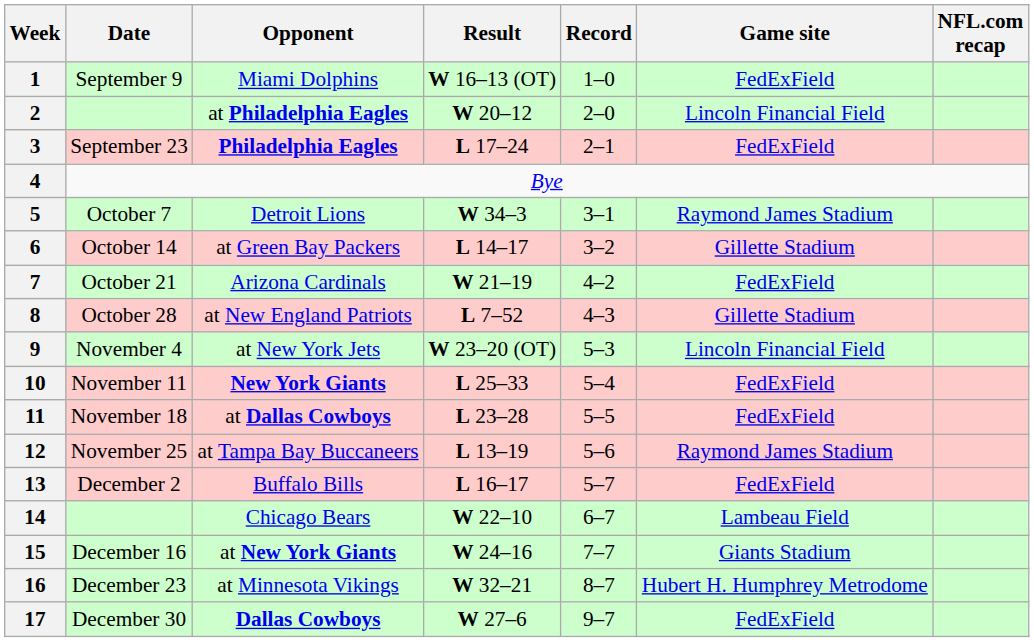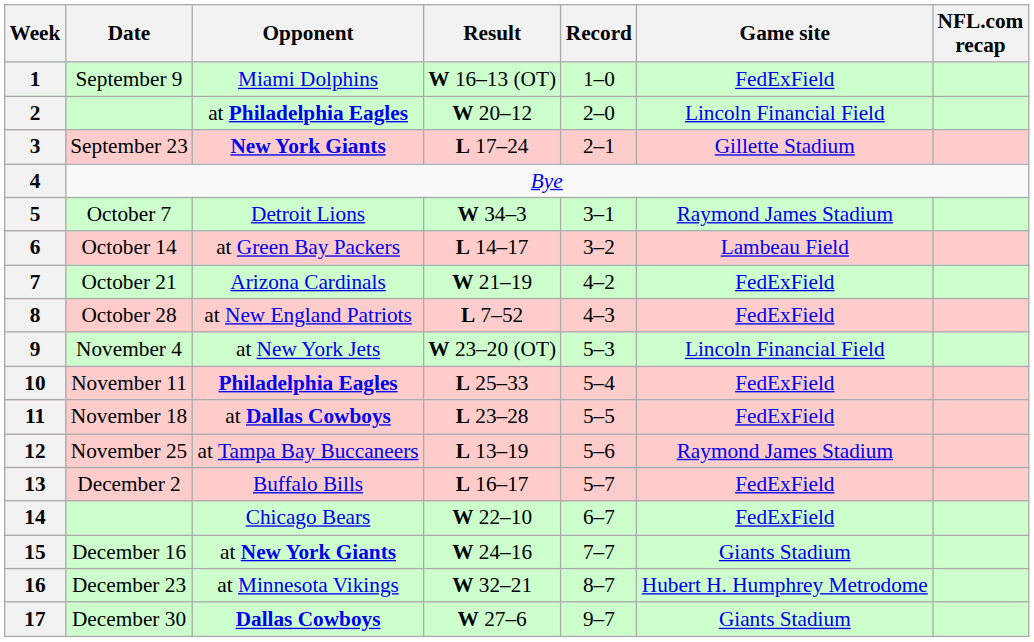 <table class="wikitable" style="text-align:center">
 <tr>
 <th>Week</th>
 <th>Date</th>
 <th>Opponent</th>
 <th>Result</th>
 <th>Record</th>
 <th>Game site</th>
 <th>NFL.com<br>recap</th>
 </tr>
 <tr style="background:#cfc;">
 <th>1</th>
 <td>September 9</td>
 <td><a href='#'>Miami Dolphins</a></td>
 <td><strong>W</strong> 16–13 (OT)</td>
 <td>1–0</td>
 <td><a href='#'>FedExField</a></td>
 <td></td>
 </tr>
 <tr style="background:#cfc;">
 <th>2</th>
 <td></td>
 <td>at <strong><a href='#'>Philadelphia Eagles</a></strong></td>
 <td><strong>W</strong> 20–12</td>
 <td>2–0</td>
 <td><a href='#'>Lincoln Financial Field</a></td>
 <td></td>
 </tr>
 <tr style="background:#fcc;">
 <th>3</th>
 <td>September 23</td>
-<td><strong><a href='#'>Philadelphia Eagles</a></strong></td>
+<td><strong><a href='#'>New York Giants</a></strong></td>
 <td><strong>L</strong> 17–24</td>
 <td>2–1</td>
-<td><a href='#'>FedExField</a></td>
+<td><a href='#'>Gillette Stadium</a></td>
 <td></td>
 </tr>
 <tr>
 <th>4</th>
 <td style="text-align:center;" colspan="6"><em><a href='#'>Bye</a></em></td>
 </tr>
 <tr style="background:#cfc;">
 <th>5</th>
 <td>October 7</td>
 <td><a href='#'>Detroit Lions</a></td>
 <td><strong>W</strong> 34–3</td>
 <td>3–1</td>
 <td><a href='#'>Raymond James Stadium</a></td>
 <td></td>
 </tr>
 <tr style="background:#fcc;">
 <th>6</th>
 <td>October 14</td>
 <td>at <a href='#'>Green Bay Packers</a></td>
 <td><strong>L</strong> 14–17</td>
 <td>3–2</td>
-<td><a href='#'>Gillette Stadium</a></td>
+<td><a href='#'>Lambeau Field</a></td>
 <td></td>
 </tr>
 <tr style="background:#cfc;">
 <th>7</th>
 <td>October 21</td>
 <td><a href='#'>Arizona Cardinals</a></td>
 <td><strong>W</strong> 21–19</td>
 <td>4–2</td>
 <td><a href='#'>FedExField</a></td>
 <td></td>
 </tr>
 <tr style="background:#fcc;">
 <th>8</th>
 <td>October 28</td>
 <td>at <a href='#'>New England Patriots</a></td>
 <td><strong>L</strong> 7–52</td>
 <td>4–3</td>
-<td><a href='#'>Gillette Stadium</a></td>
+<td><a href='#'>FedExField</a></td>
 <td></td>
 </tr>
 <tr style="background:#cfc;">
 <th>9</th>
 <td>November 4</td>
 <td>at <a href='#'>New York Jets</a></td>
 <td><strong>W</strong> 23–20 (OT)</td>
 <td>5–3</td>
 <td><a href='#'>Lincoln Financial Field</a></td>
 <td></td>
 </tr>
 <tr style="background:#fcc;">
 <th>10</th>
 <td>November 11</td>
-<td><strong><a href='#'>New York Giants</a></strong></td>
+<td><strong><a href='#'>Philadelphia Eagles</a></strong></td>
 <td><strong>L</strong> 25–33</td>
 <td>5–4</td>
 <td><a href='#'>FedExField</a></td>
 <td></td>
 </tr>
 <tr style="background:#fcc;">
 <th>11</th>
 <td>November 18</td>
 <td>at <strong><a href='#'>Dallas Cowboys</a></strong></td>
 <td><strong>L</strong> 23–28</td>
 <td>5–5</td>
 <td><a href='#'>FedExField</a></td>
 <td></td>
 </tr>
 <tr style="background:#fcc;">
 <th>12</th>
 <td>November 25</td>
 <td>at <a href='#'>Tampa Bay Buccaneers</a></td>
 <td><strong>L</strong> 13–19</td>
 <td>5–6</td>
 <td><a href='#'>Raymond James Stadium</a></td>
 <td></td>
 </tr>
 <tr style="background:#fcc;">
 <th>13</th>
 <td>December 2</td>
 <td><a href='#'>Buffalo Bills</a></td>
 <td><strong>L</strong> 16–17</td>
 <td>5–7</td>
 <td><a href='#'>FedExField</a></td>
 <td></td>
 </tr>
 <tr style="background:#cfc;">
 <th>14</th>
 <td></td>
 <td><a href='#'>Chicago Bears</a></td>
 <td><strong>W</strong> 22–10</td>
 <td>6–7</td>
-<td><a href='#'>Lambeau Field</a></td>
+<td><a href='#'>FedExField</a></td>
 <td></td>
 </tr>
 <tr style="background:#cfc;">
 <th>15</th>
 <td>December 16</td>
 <td>at <strong><a href='#'>New York Giants</a></strong></td>
 <td><strong>W</strong> 24–16</td>
 <td>7–7</td>
 <td><a href='#'>Giants Stadium</a></td>
 <td></td>
 </tr>
 <tr style="background:#cfc;">
 <th>16</th>
 <td>December 23</td>
 <td>at <a href='#'>Minnesota Vikings</a></td>
 <td><strong>W</strong> 32–21</td>
 <td>8–7</td>
 <td><a href='#'>Hubert H. Humphrey Metrodome</a></td>
 <td></td>
 </tr>
 <tr style="background:#cfc;">
 <th>17</th>
 <td>December 30</td>
 <td><strong><a href='#'>Dallas Cowboys</a></strong></td>
 <td><strong>W</strong> 27–6</td>
 <td>9–7</td>
-<td><a href='#'>FedExField</a></td>
+<td><a href='#'>Giants Stadium</a></td>
 <td></td>
 </tr>
 </table>
